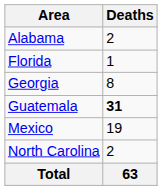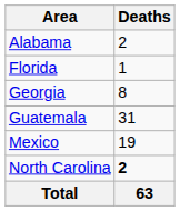 <table class="wikitable" align="right">
 <tr>
 <th>Area</th>
 <th>Deaths</th>
 </tr>
 <tr>
 <td><a href='#'>Alabama</a></td>
 <td>2</td>
 </tr>
 <tr>
 <td><a href='#'>Florida</a></td>
 <td>1</td>
 </tr>
 <tr>
 <td><a href='#'>Georgia</a></td>
 <td>8</td>
 </tr>
 <tr>
 <td><a href='#'>Guatemala</a></td>
-<td><strong>31</strong></td>
+<td>31</td>
 </tr>
 <tr>
 <td><a href='#'>Mexico</a></td>
 <td>19</td>
 </tr>
 <tr>
 <td><a href='#'>North Carolina</a></td>
-<td>2</td>
+<td><strong>2</strong></td>
 </tr>
 <tr>
 <th>Total</th>
 <th>63</th>
 </tr>
 </table>
